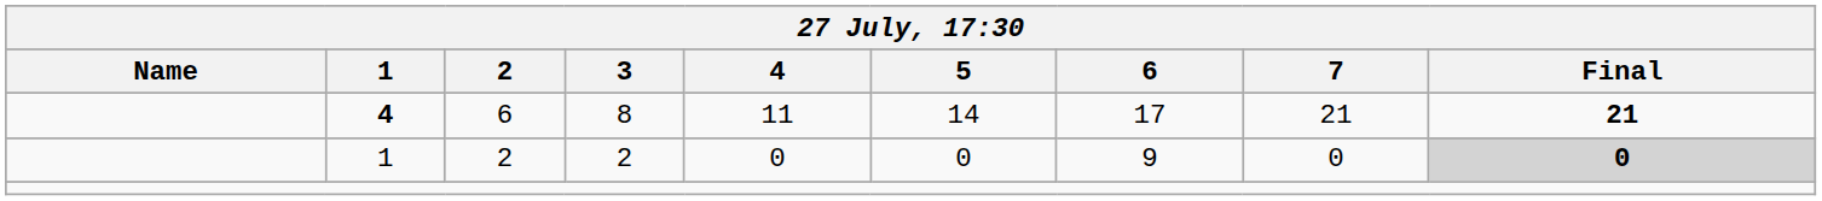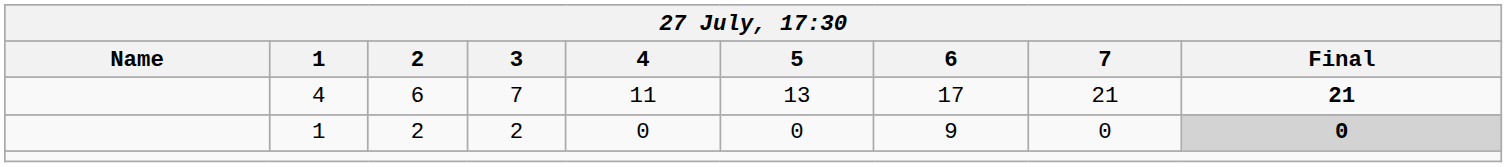 <table class=wikitable style="text-align:center; width: 55%">
 <tr>
 <th colspan=9><em>27 July, 17:30</em></th>
 </tr>
 <tr>
 <th>Name</th>
 <th>1</th>
 <th>2</th>
 <th>3</th>
 <th>4</th>
 <th>5</th>
 <th>6</th>
 <th>7</th>
 <th>Final</th>
 </tr>
 <tr>
 <td align=left><strong></strong></td>
-<td><strong>4</strong></td>
+<td>4</td>
 <td>6</td>
-<td>8</td>
+<td>7</td>
 <td>11</td>
-<td>14</td>
+<td>13</td>
 <td>17</td>
 <td>21</td>
 <td><strong>21</strong></td>
 </tr>
 <tr>
 <td align=left></td>
 <td>1</td>
 <td>2</td>
 <td>2</td>
 <td>0</td>
 <td>0</td>
 <td>9</td>
 <td>0</td>
 <td style="background: lightgrey;"><strong>0</strong></td>
 </tr>
 <tr>
 <td colspan=9></td>
 </tr>
 </table>
